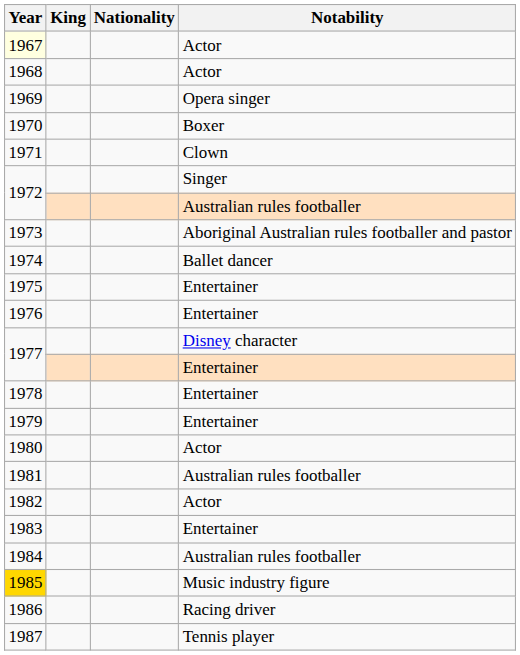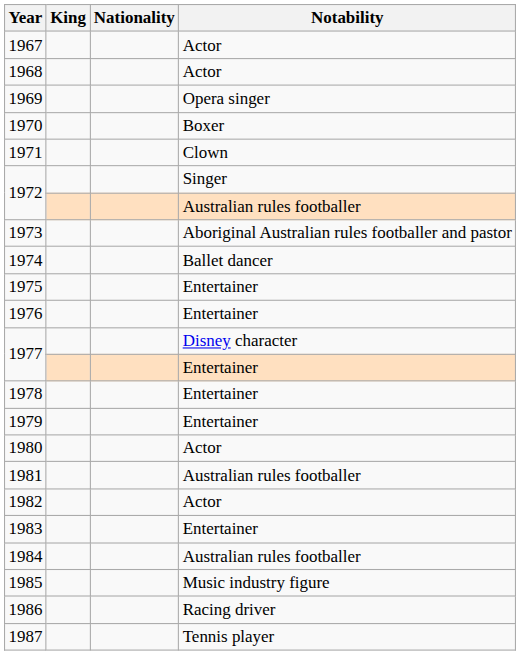 <table class="wikitable sortable">
 <tr>
 <th>Year</th>
 <th>King</th>
 <th>Nationality</th>
 <th class="unsortable">Notability</th>
 </tr>
 <tr>
-<td align=center style="background: lightyellow;">1967</td>
+<td align=center>1967</td>
 <td></td>
 <td></td>
 <td>Actor</td>
 </tr>
 <tr>
 <td align=center>1968</td>
 <td></td>
 <td></td>
 <td>Actor</td>
 </tr>
 <tr>
 <td align=center>1969</td>
 <td></td>
 <td></td>
 <td>Opera singer</td>
 </tr>
 <tr>
 <td align=center>1970</td>
 <td></td>
 <td></td>
 <td>Boxer</td>
 </tr>
 <tr>
 <td align=center>1971</td>
 <td></td>
 <td></td>
 <td>Clown</td>
 </tr>
 <tr>
 <td align=center rowspan=2>1972</td>
 <td></td>
 <td></td>
 <td>Singer</td>
 </tr>
 <tr style="background:#FFE0C0">
 <td></td>
 <td></td>
 <td>Australian rules footballer</td>
 </tr>
 <tr>
 <td align=center>1973</td>
 <td></td>
 <td></td>
 <td>Aboriginal Australian rules footballer and pastor</td>
 </tr>
 <tr>
 <td align=center>1974</td>
 <td></td>
 <td></td>
 <td>Ballet dancer</td>
 </tr>
 <tr>
 <td align=center>1975</td>
 <td></td>
 <td></td>
 <td>Entertainer</td>
 </tr>
 <tr>
 <td align=center>1976</td>
 <td></td>
 <td></td>
 <td>Entertainer</td>
 </tr>
 <tr>
 <td align=center rowspan=2>1977</td>
 <td></td>
 <td></td>
 <td><a href='#'>Disney</a> character</td>
 </tr>
 <tr style="background:#FFE0C0">
 <td></td>
 <td></td>
 <td>Entertainer</td>
 </tr>
 <tr>
 <td align=center>1978</td>
 <td></td>
 <td></td>
 <td>Entertainer</td>
 </tr>
 <tr>
 <td align=center>1979</td>
 <td></td>
 <td></td>
 <td>Entertainer</td>
 </tr>
 <tr>
 <td align=center>1980</td>
 <td></td>
 <td></td>
 <td>Actor</td>
 </tr>
 <tr>
 <td align=center>1981</td>
 <td></td>
 <td></td>
 <td>Australian rules footballer</td>
 </tr>
 <tr>
 <td align=center>1982</td>
 <td></td>
 <td></td>
 <td>Actor</td>
 </tr>
 <tr>
 <td align=center>1983</td>
 <td></td>
 <td></td>
 <td>Entertainer</td>
 </tr>
 <tr>
 <td align=center>1984</td>
 <td></td>
 <td></td>
 <td>Australian rules footballer</td>
 </tr>
 <tr>
-<td align=center style="background: gold;">1985</td>
+<td align=center>1985</td>
 <td></td>
 <td></td>
 <td>Music industry figure</td>
 </tr>
 <tr>
 <td align=center>1986</td>
 <td></td>
 <td></td>
 <td>Racing driver</td>
 </tr>
 <tr>
 <td align=center>1987</td>
 <td></td>
 <td></td>
 <td>Tennis player</td>
 </tr>
 </table>
